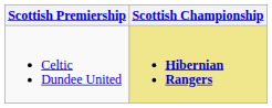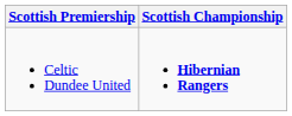 <table class="wikitable" style="text-align:left">
 <tr>
 <th><a href='#'>Scottish Premiership</a></th>
 <th><a href='#'>Scottish Championship</a></th>
 </tr>
 <tr>
 <td valign=top><br><ul><li><a href='#'>Celtic</a></li><li><a href='#'>Dundee United</a></li></ul></td>
-<td valign=top style="background: khaki;"><br><ul><li><strong><a href='#'>Hibernian</a></strong></li><li><strong><a href='#'>Rangers</a></strong></li></ul></td>
+<td valign=top><br><ul><li><strong><a href='#'>Hibernian</a></strong></li><li><strong><a href='#'>Rangers</a></strong></li></ul></td>
 </tr>
 </table>
